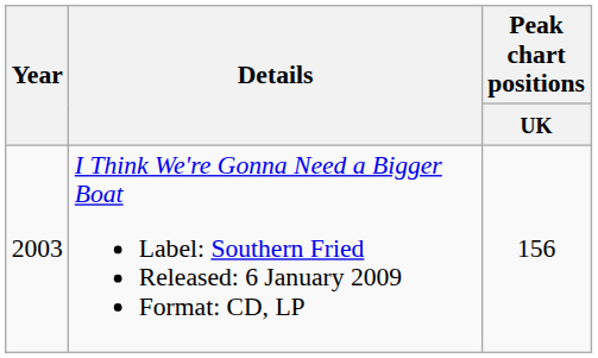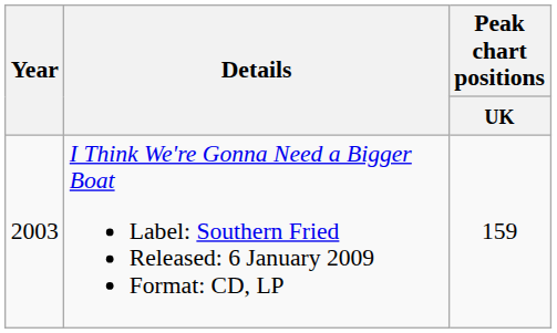 <table class="wikitable">
 <tr>
 <th rowspan="2">Year</th>
 <th rowspan="2" style="width:250px;">Details</th>
 <th>Peak chart positions</th>
 </tr>
 <tr>
 <th style="width:30px; text-align:center;"><small>UK</small><br></th>
 </tr>
 <tr>
 <td>2003</td>
 <td><em><a href='#'>I Think We're Gonna Need a Bigger Boat</a></em><br><ul><li>Label: <a href='#'>Southern Fried</a></li><li>Released: 6 January 2009</li><li>Format: CD, LP</li></ul></td>
-<td style="text-align:center;">156</td>
+<td style="text-align:center;">159</td>
 </tr>
 </table>
